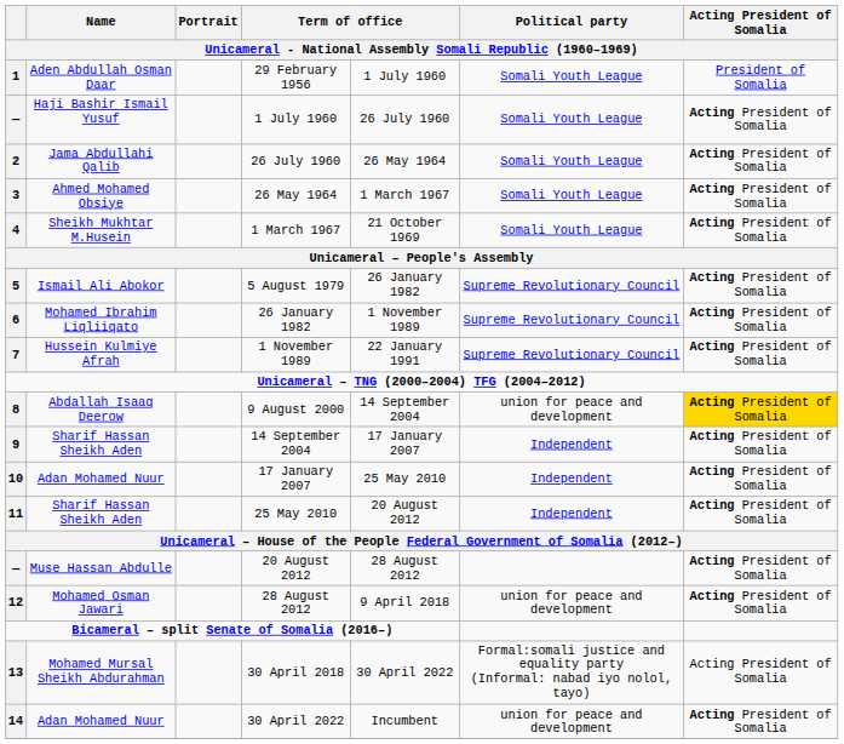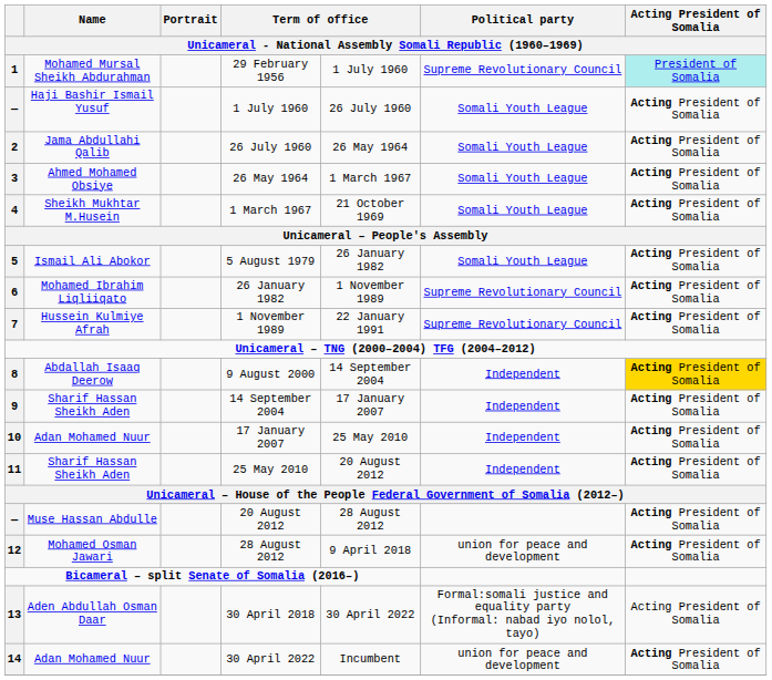 <table class="wikitable" style="text-align:center">
 <tr>
 <th></th>
 <th width=150>Name<br></th>
 <th>Portrait</th>
 <th colspan=2>Term of office</th>
 <th>Political party</th>
 <th><strong>Acting</strong> President of Somalia</th>
 </tr>
 <tr>
 <th colspan="7"><a href='#'>Unicameral</a> - National Assembly <a href='#'>Somali Republic</a> (1960–1969)</th>
 </tr>
 <tr>
 <th style="background:">1</th>
-<td><a href='#'>Aden Abdullah Osman Daar</a><br></td>
+<td><a href='#'>Mohamed Mursal Sheikh Abdurahman</a></td>
 <td></td>
 <td>29 February 1956</td>
 <td>1 July 1960</td>
-<td><a href='#'>Somali Youth League</a></td>
-<td><a href='#'>President of Somalia</a></td>
+<td><a href='#'>Supreme Revolutionary Council</a></td>
+<td style="background: paleturquoise;"><a href='#'>President of Somalia</a></td>
 </tr>
 <tr>
 <th style="background:">—</th>
 <td><a href='#'>Haji Bashir Ismail Yusuf</a><br><br></td>
 <td></td>
 <td>1 July 1960</td>
 <td>26 July 1960</td>
 <td><a href='#'>Somali Youth League</a></td>
 <td><strong>Acting</strong> President of Somalia</td>
 </tr>
 <tr>
 <th style="background:">2</th>
 <td><a href='#'>Jama Abdullahi Qalib</a><br></td>
 <td></td>
 <td>26 July 1960</td>
 <td>26 May 1964</td>
 <td><a href='#'>Somali Youth League</a></td>
 <td><strong>Acting</strong> President of Somalia</td>
 </tr>
 <tr>
 <th style="background:">3</th>
 <td><a href='#'>Ahmed Mohamed Obsiye</a><br></td>
 <td></td>
 <td>26 May 1964</td>
 <td>1 March 1967</td>
 <td><a href='#'>Somali Youth League</a></td>
 <td><strong>Acting</strong> President of Somalia</td>
 </tr>
 <tr>
 <th style="background:">4</th>
 <td><a href='#'>Sheikh Mukhtar M.Husein</a><br></td>
 <td></td>
 <td>1 March 1967</td>
 <td>21 October 1969</td>
 <td><a href='#'>Somali Youth League</a></td>
 <td><strong>Acting</strong> President of Somalia</td>
 </tr>
 <tr>
 <th colspan="7">Unicameral – People's Assembly</th>
 </tr>
 <tr>
 <th style="background:">5</th>
 <td><a href='#'>Ismail Ali Abokor</a><br></td>
 <td></td>
 <td>5 August 1979</td>
 <td>26 January 1982</td>
-<td><a href='#'>Supreme Revolutionary Council</a></td>
+<td><a href='#'>Somali Youth League</a></td>
 <td><strong>Acting</strong> President of Somalia</td>
 </tr>
 <tr>
 <th style="background:">6</th>
 <td><a href='#'>Mohamed Ibrahim Liqliiqato</a><br></td>
 <td></td>
 <td>26 January 1982</td>
 <td>1 November 1989</td>
 <td><a href='#'>Supreme Revolutionary Council</a></td>
 <td><strong>Acting</strong> President of Somalia</td>
 </tr>
 <tr>
 <th style="background:">7</th>
 <td><a href='#'>Hussein Kulmiye Afrah</a><br></td>
 <td></td>
 <td>1 November 1989</td>
 <td>22 January 1991</td>
 <td><a href='#'>Supreme Revolutionary Council</a></td>
 <td><strong>Acting</strong> President of Somalia</td>
 </tr>
 <tr>
 <td colspan="7"><strong><a href='#'>Unicameral</a> – <a href='#'>TNG</a> (2000–2004) <a href='#'>TFG</a> (2004–2012)</strong></td>
 </tr>
 <tr>
 <th style="background:">8</th>
 <td><a href='#'>Abdallah Isaaq Deerow</a><br></td>
 <td></td>
 <td>9 August 2000</td>
 <td>14 September  2004</td>
-<td>union for peace and development</td>
+<td><a href='#'>Independent</a></td>
 <td style="background: gold;"><strong>Acting</strong> President of Somalia</td>
 </tr>
 <tr>
 <th style="background:">9</th>
 <td><a href='#'>Sharif Hassan Sheikh Aden</a><br></td>
 <td></td>
 <td>14 September 2004</td>
 <td>17 January 2007</td>
 <td><a href='#'>Independent</a></td>
 <td><strong>Acting</strong> President of Somalia</td>
 </tr>
 <tr>
 <th style="background:">10</th>
 <td><a href='#'>Adan Mohamed Nuur</a><br></td>
 <td></td>
 <td>17 January 2007</td>
 <td>25 May 2010</td>
 <td><a href='#'>Independent</a></td>
 <td><strong>Acting</strong> President of Somalia</td>
 </tr>
 <tr>
 <th style="background:">11</th>
 <td><a href='#'>Sharif Hassan Sheikh Aden</a><br></td>
 <td></td>
 <td>25 May 2010</td>
 <td>20 August 2012</td>
 <td><a href='#'>Independent</a></td>
 <td><strong>Acting</strong> President of Somalia</td>
 </tr>
 <tr>
 <th colspan="7"><a href='#'>Unicameral</a> – House of the People <a href='#'>Federal Government of Somalia</a> <strong>(2012–)</strong></th>
 </tr>
 <tr>
 <th style="background:">—</th>
 <td><a href='#'>Muse Hassan Abdulle</a><br></td>
 <td></td>
 <td>20 August 2012</td>
 <td>28 August 2012</td>
 <td></td>
 <td><strong>Acting</strong> President of Somalia</td>
 </tr>
 <tr>
 <th style="background:">12</th>
 <td><a href='#'>Mohamed Osman Jawari</a><br></td>
 <td></td>
 <td>28 August 2012</td>
 <td>9 April 2018</td>
 <td>union for peace and development</td>
 <td><strong>Acting</strong> President of Somalia</td>
 </tr>
 <tr>
 <td colspan="5"><strong><a href='#'>Bicameral</a> – split <a href='#'>Senate of Somalia</a> (2016–)</strong></td>
 <td></td>
 <td></td>
 </tr>
 <tr>
 <th style="background:">13</th>
-<td><a href='#'>Mohamed Mursal Sheikh Abdurahman</a></td>
+<td><a href='#'>Aden Abdullah Osman Daar</a><br></td>
 <td></td>
 <td>30 April 2018</td>
 <td>30 April 2022</td>
 <td>Formal:somali justice and equality party<br>(Informal: nabad iyo nolol, tayo)</td>
 <td>Acting President of Somalia</td>
 </tr>
 <tr>
 <th style="background:">14</th>
 <td><a href='#'>Adan Mohamed Nuur</a><br></td>
 <td></td>
 <td>30 April 2022</td>
 <td>Incumbent</td>
 <td>union for peace and development</td>
 <td><strong>Acting</strong> President of Somalia</td>
 </tr>
 <tr>
 </tr>
 </table>
